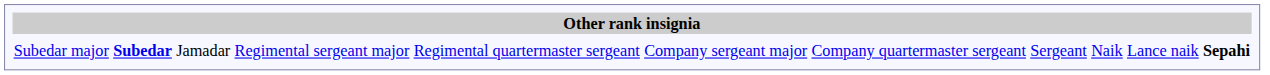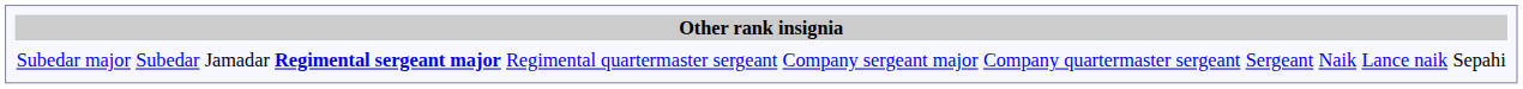 <table style="border:1px solid #8888aa; background-color:#f7f8ff; padding:5px; font-size:95%; margin: 0px 12px 12px 0px; text-align:center;">
 <tr style="background:#ccc;">
 <th colspan=11>Other rank insignia</th>
 </tr>
 <tr style="text-align:center;">
 <td></td>
 <td></td>
 <td></td>
 <td></td>
 <td></td>
 <td></td>
 <td></td>
 <td></td>
 <td></td>
 <td></td>
 <td></td>
 </tr>
 <tr style="text-align:center;">
 <td><a href='#'>Subedar major</a></td>
-<td><strong><a href='#'>Subedar</a></strong></td>
+<td><a href='#'>Subedar</a></td>
 <td>Jamadar</td>
-<td><a href='#'>Regimental sergeant major</a></td>
+<td><strong><a href='#'>Regimental sergeant major</a></strong></td>
 <td><a href='#'>Regimental quartermaster sergeant</a></td>
 <td><a href='#'>Company sergeant major</a></td>
 <td><a href='#'>Company quartermaster sergeant</a></td>
 <td><a href='#'>Sergeant</a></td>
 <td><a href='#'>Naik</a></td>
 <td><a href='#'>Lance naik</a></td>
-<td><strong>Sepahi</strong></td>
+<td>Sepahi</td>
 </tr>
 </table>
